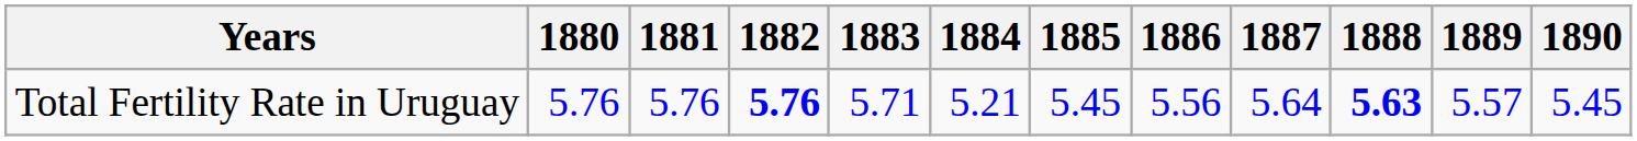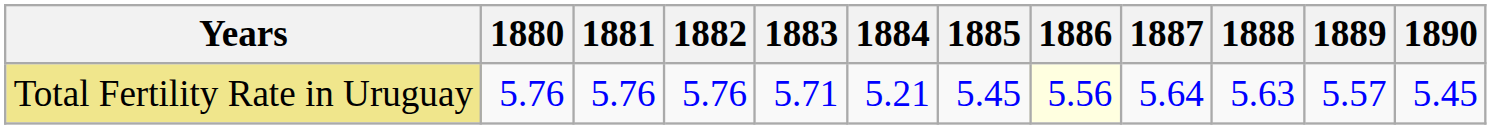 <table class="wikitable " style="text-align:right">
 <tr>
 <th>Years</th>
 <th>1880</th>
 <th>1881</th>
 <th>1882</th>
 <th>1883</th>
 <th>1884</th>
 <th>1885</th>
 <th>1886</th>
 <th>1887</th>
 <th>1888</th>
 <th>1889</th>
 <th>1890</th>
 </tr>
 <tr>
-<td align="left">Total Fertility Rate in Uruguay</td>
+<td align="left" style="background: khaki;">Total Fertility Rate in Uruguay</td>
 <td style="text-align:right; color:blue;">5.76</td>
 <td style="text-align:right; color:blue;">5.76</td>
-<td style="text-align:right; color:blue;"><strong>5.76</strong></td>
+<td style="text-align:right; color:blue;">5.76</td>
 <td style="text-align:right; color:blue;">5.71</td>
 <td style="text-align:right; color:blue;">5.21</td>
 <td style="text-align:right; color:blue;">5.45</td>
-<td style="text-align:right; color:blue;">5.56</td>
+<td style="background: lightyellow; text-align:right; color:blue;">5.56</td>
 <td style="text-align:right; color:blue;">5.64</td>
-<td style="text-align:right; color:blue;"><strong>5.63</strong></td>
+<td style="text-align:right; color:blue;">5.63</td>
 <td style="text-align:right; color:blue;">5.57</td>
 <td style="text-align:right; color:blue;">5.45</td>
 </tr>
 </table>
